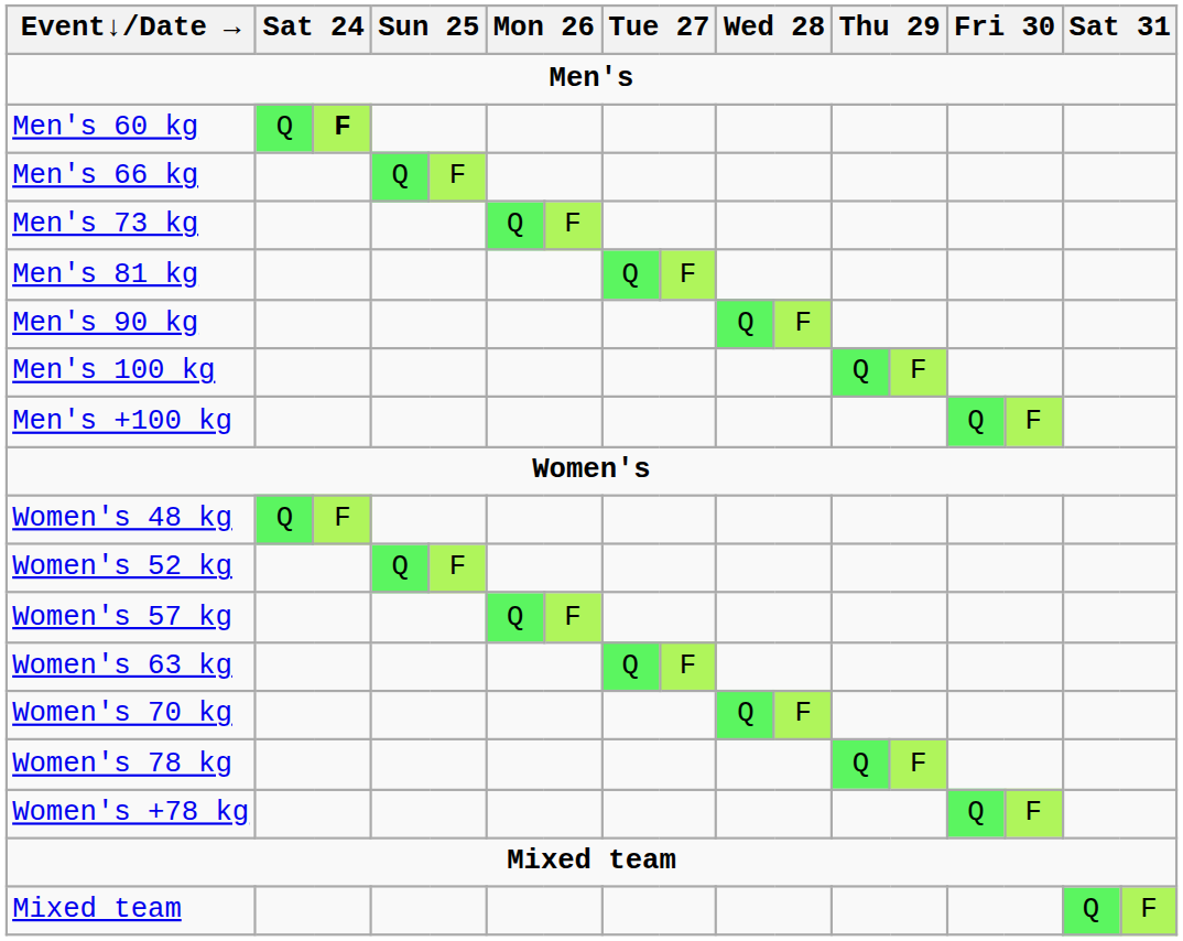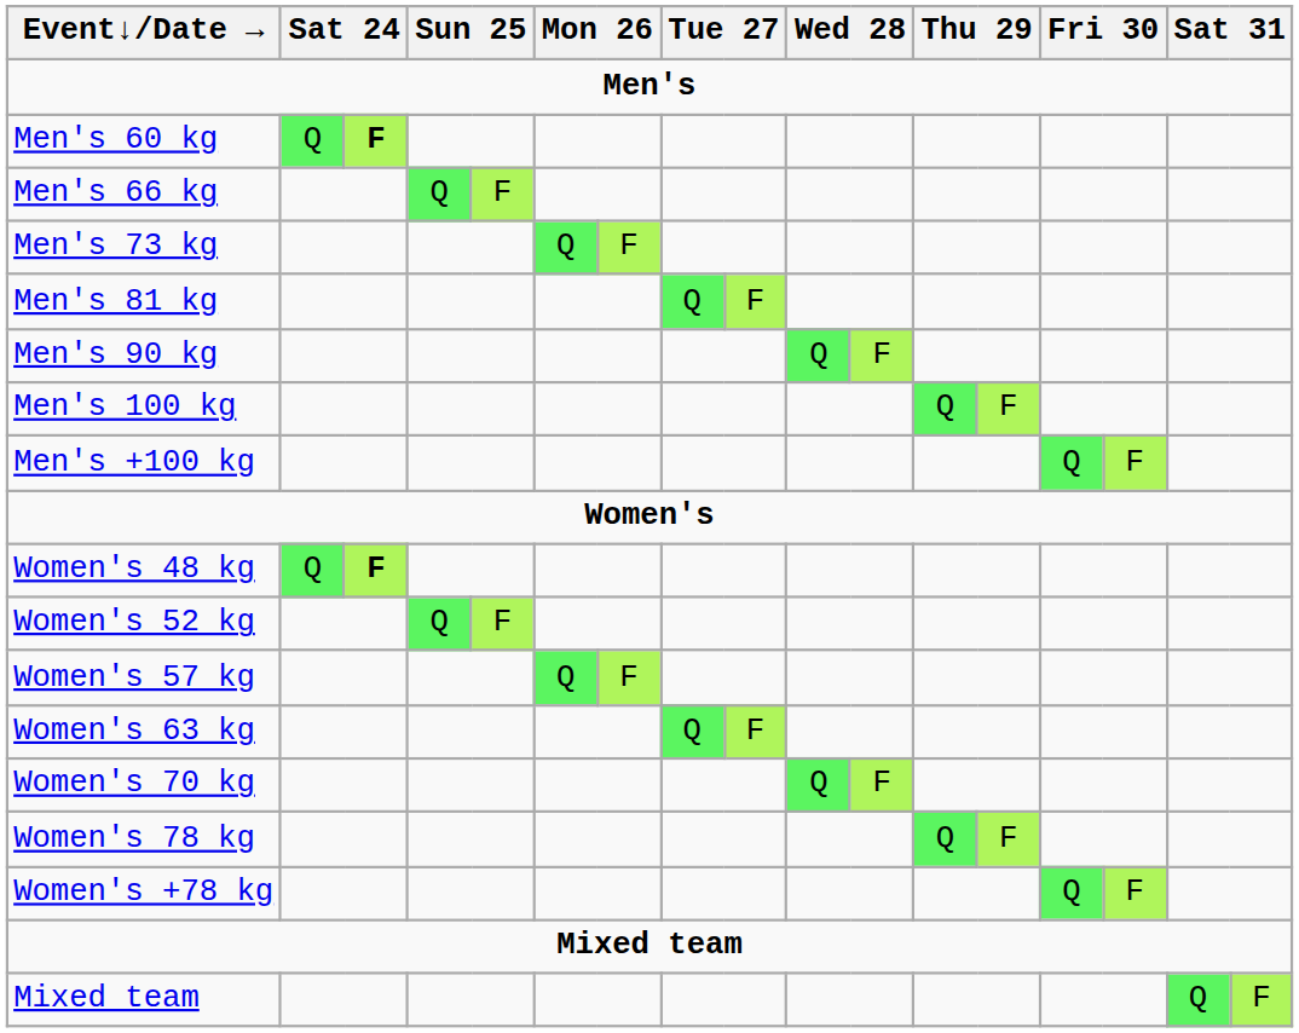 <table class="wikitable" style="margin:0.5em auto; font-size:90%; line-height:1.25em; text-align:center;">
 <tr>
 <th>Event↓/Date →</th>
 <th colspan=2>Sat 24</th>
 <th colspan=2>Sun 25</th>
 <th colspan=2>Mon 26</th>
 <th colspan=2>Tue 27</th>
 <th colspan=2>Wed 28</th>
 <th colspan=2>Thu 29</th>
 <th colspan=2>Fri 30</th>
 <th colspan=2>Sat 31</th>
 </tr>
 <tr>
 <td colspan=17><strong>Men's</strong></td>
 </tr>
 <tr>
 <td style="text-align:left;"><a href='#'>Men's 60 kg</a></td>
 <td style="background-color:#5BF560;">Q</td>
 <td style="background-color:#AFF55B;"><strong>F</strong></td>
 <td colspan=2></td>
 <td colspan=2></td>
 <td colspan=2></td>
 <td colspan=2></td>
 <td colspan=2></td>
 <td colspan=2></td>
 <td colspan=2></td>
 </tr>
 <tr>
 <td style="text-align:left;"><a href='#'>Men's 66 kg</a></td>
 <td colspan=2></td>
 <td style="background-color:#5BF560;">Q</td>
 <td style="background-color:#AFF55B;">F</td>
 <td colspan=2></td>
 <td colspan=2></td>
 <td colspan=2></td>
 <td colspan=2></td>
 <td colspan=2></td>
 <td colspan=2></td>
 </tr>
 <tr>
 <td style="text-align:left;"><a href='#'>Men's 73 kg</a></td>
 <td colspan=2></td>
 <td colspan=2></td>
 <td style="background-color:#5BF560;">Q</td>
 <td style="background-color:#AFF55B;">F</td>
 <td colspan=2></td>
 <td colspan=2></td>
 <td colspan=2></td>
 <td colspan=2></td>
 <td colspan=2></td>
 </tr>
 <tr>
 <td style="text-align:left;"><a href='#'>Men's 81 kg</a></td>
 <td colspan=2></td>
 <td colspan=2></td>
 <td colspan=2></td>
 <td style="background-color:#5BF560;">Q</td>
 <td style="background-color:#AFF55B;">F</td>
 <td colspan=2></td>
 <td colspan=2></td>
 <td colspan=2></td>
 <td colspan=2></td>
 </tr>
 <tr>
 <td style="text-align:left;"><a href='#'>Men's 90 kg</a></td>
 <td colspan=2></td>
 <td colspan=2></td>
 <td colspan=2></td>
 <td colspan=2></td>
 <td style="background-color:#5BF560;">Q</td>
 <td style="background-color:#AFF55B;">F</td>
 <td colspan=2></td>
 <td colspan=2></td>
 <td colspan=2></td>
 </tr>
 <tr>
 <td style="text-align:left;"><a href='#'>Men's 100 kg</a></td>
 <td colspan=2></td>
 <td colspan=2></td>
 <td colspan=2></td>
 <td colspan=2></td>
 <td colspan=2></td>
 <td style="background-color:#5BF560;">Q</td>
 <td style="background-color:#AFF55B;">F</td>
 <td colspan=2></td>
 <td colspan=2></td>
 </tr>
 <tr>
 <td style="text-align:left;"><a href='#'>Men's +100 kg</a></td>
 <td colspan=2></td>
 <td colspan=2></td>
 <td colspan=2></td>
 <td colspan=2></td>
 <td colspan=2></td>
 <td colspan=2></td>
 <td style="background-color:#5BF560;">Q</td>
 <td style="background-color:#AFF55B;">F</td>
 <td colspan=2></td>
 </tr>
 <tr>
 <td colspan=17><strong>Women's</strong></td>
 </tr>
 <tr>
 <td style="text-align:left;"><a href='#'>Women's 48 kg</a></td>
 <td style="background-color:#5BF560;">Q</td>
-<td style="background-color:#AFF55B;">F</td>
+<td style="background-color:#AFF55B;"><strong>F</strong></td>
 <td colspan=2></td>
 <td colspan=2></td>
 <td colspan=2></td>
 <td colspan=2></td>
 <td colspan=2></td>
 <td colspan=2></td>
 <td colspan=2></td>
 </tr>
 <tr>
 <td style="text-align:left;"><a href='#'>Women's 52 kg</a></td>
 <td colspan=2></td>
 <td style="background-color:#5BF560;">Q</td>
 <td style="background-color:#AFF55B;">F</td>
 <td colspan=2></td>
 <td colspan=2></td>
 <td colspan=2></td>
 <td colspan=2></td>
 <td colspan=2></td>
 <td colspan=2></td>
 </tr>
 <tr>
 <td style="text-align:left;"><a href='#'>Women's 57 kg</a></td>
 <td colspan=2></td>
 <td colspan=2></td>
 <td style="background-color:#5BF560;">Q</td>
 <td style="background-color:#AFF55B;">F</td>
 <td colspan=2></td>
 <td colspan=2></td>
 <td colspan=2></td>
 <td colspan=2></td>
 <td colspan=2></td>
 </tr>
 <tr>
 <td style="text-align:left;"><a href='#'>Women's 63 kg</a></td>
 <td colspan=2></td>
 <td colspan=2></td>
 <td colspan=2></td>
 <td style="background-color:#5BF560;">Q</td>
 <td style="background-color:#AFF55B;">F</td>
 <td colspan=2></td>
 <td colspan=2></td>
 <td colspan=2></td>
 <td colspan=2></td>
 </tr>
 <tr>
 <td style="text-align:left;"><a href='#'>Women's 70 kg</a></td>
 <td colspan=2></td>
 <td colspan=2></td>
 <td colspan=2></td>
 <td colspan=2></td>
 <td style="background-color:#5BF560;">Q</td>
 <td style="background-color:#AFF55B;">F</td>
 <td colspan=2></td>
 <td colspan=2></td>
 <td colspan=2></td>
 </tr>
 <tr>
 <td style="text-align:left;"><a href='#'>Women's 78 kg</a></td>
 <td colspan=2></td>
 <td colspan=2></td>
 <td colspan=2></td>
 <td colspan=2></td>
 <td colspan=2></td>
 <td style="background-color:#5BF560;">Q</td>
 <td style="background-color:#AFF55B;">F</td>
 <td colspan=2></td>
 <td colspan=2></td>
 </tr>
 <tr>
 <td style="text-align:left;"><a href='#'>Women's +78 kg</a></td>
 <td colspan=2></td>
 <td colspan=2></td>
 <td colspan=2></td>
 <td colspan=2></td>
 <td colspan=2></td>
 <td colspan=2></td>
 <td style="background-color:#5BF560;">Q</td>
 <td style="background-color:#AFF55B;">F</td>
 <td colspan=2></td>
 </tr>
 <tr>
 <td colspan=19><strong>Mixed team</strong></td>
 </tr>
 <tr>
 <td style="text-align:left;"><a href='#'>Mixed team</a></td>
 <td colspan=2></td>
 <td colspan=2></td>
 <td colspan=2></td>
 <td colspan=2></td>
 <td colspan=2></td>
 <td colspan=2></td>
 <td colspan=2></td>
 <td style="background-color:#5BF560;">Q</td>
 <td style="background-color:#AFF55B;">F</td>
 </tr>
 </table>
